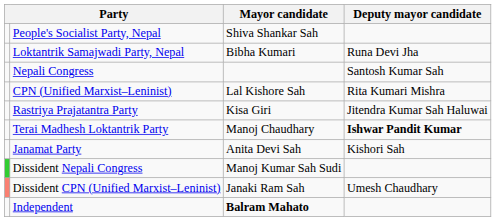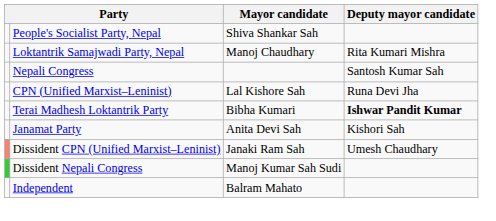 <table class="wikitable">
 <tr>
 <th colspan="2">Party</th>
 <th>Mayor candidate</th>
 <th>Deputy mayor candidate</th>
 </tr>
 <tr>
 <td style="background-color:"></td>
 <td><a href='#'>People's Socialist Party, Nepal</a></td>
 <td>Shiva Shankar Sah</td>
 <td></td>
 </tr>
 <tr>
 <td style="background-color:"></td>
 <td><a href='#'>Loktantrik Samajwadi Party, Nepal</a></td>
-<td>Bibha Kumari</td>
-<td>Runa Devi Jha</td>
+<td>Manoj Chaudhary</td>
+<td>Rita Kumari Mishra</td>
 </tr>
 <tr>
 <td style="background-color:"></td>
 <td><a href='#'>Nepali Congress</a></td>
 <td></td>
 <td>Santosh Kumar Sah</td>
 </tr>
 <tr>
 <td style="background-color:"></td>
 <td><a href='#'>CPN (Unified Marxist–Leninist)</a></td>
 <td>Lal Kishore Sah</td>
-<td>Rita Kumari Mishra</td>
-</tr>
-<tr>
-<td style="background-color:"></td>
-<td><a href='#'>Rastriya Prajatantra Party</a></td>
-<td>Kisa Giri</td>
-<td>Jitendra Kumar Sah Haluwai</td>
+<td>Runa Devi Jha</td>
 </tr>
 <tr>
 <td style="background-color:"></td>
 <td><a href='#'>Terai Madhesh Loktantrik Party</a></td>
-<td>Manoj Chaudhary</td>
+<td>Bibha Kumari</td>
 <td><strong>Ishwar Pandit Kumar</strong></td>
 </tr>
 <tr>
 <td style="background-color:"></td>
 <td><a href='#'>Janamat Party</a></td>
 <td>Anita Devi Sah</td>
 <td>Kishori Sah</td>
 </tr>
 <tr>
+<td style="background-color:salmon;"></td>
+<td>Dissident <a href='#'>CPN (Unified Marxist–Leninist)</a></td>
+<td>Janaki Ram Sah</td>
+<td>Umesh Chaudhary</td>
+</tr>
+<tr>
 <td style="background-color:limegreen;"></td>
 <td>Dissident <a href='#'>Nepali Congress</a></td>
 <td>Manoj Kumar Sah Sudi</td>
 <td></td>
 </tr>
 <tr>
-<td style="background-color:salmon;"></td>
-<td>Dissident <a href='#'>CPN (Unified Marxist–Leninist)</a></td>
-<td>Janaki Ram Sah</td>
-<td>Umesh Chaudhary</td>
-</tr>
-<tr>
 <td style="background-color:"></td>
 <td><a href='#'>Independent</a></td>
-<td><strong>Balram Mahato</strong></td>
+<td>Balram Mahato</td>
 <td></td>
 </tr>
 </table>
